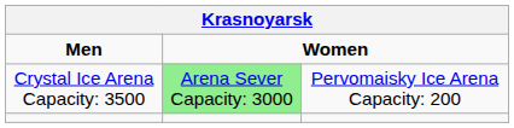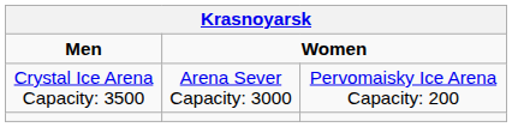 <table class="wikitable" style="text-align:center;" width=440px>
 <tr>
 <th colspan=3><a href='#'>Krasnoyarsk</a></th>
 </tr>
 <tr>
 <td><strong>Men</strong></td>
 <td colspan=2 width=220px><strong>Women</strong></td>
 </tr>
 <tr>
 <td><a href='#'>Crystal Ice Arena</a><br>Capacity: 3500</td>
-<td style="background: lightgreen;"><a href='#'>Arena Sever</a><br>Capacity: 3000</td>
+<td><a href='#'>Arena Sever</a><br>Capacity: 3000</td>
 <td><a href='#'>Pervomaisky Ice Arena</a><br>Capacity: 200</td>
 </tr>
 <tr>
 <td></td>
 <td></td>
 <td></td>
 </tr>
 </table>
